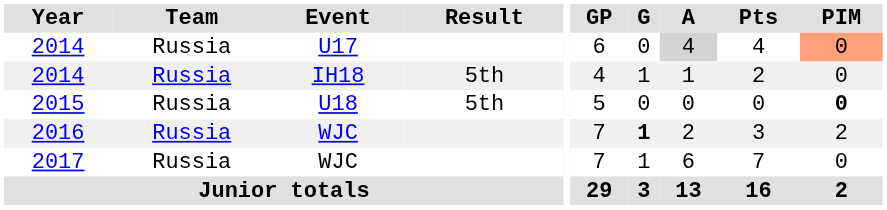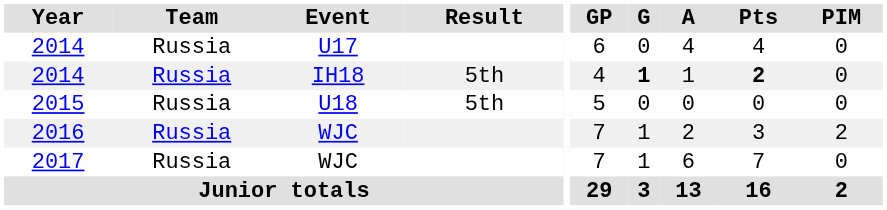 <table border="0" cellpadding="1" cellspacing="0" ID="Table3" style="text-align:center; width:40em">
 <tr bgcolor="#e0e0e0">
 <th>Year</th>
 <th>Team</th>
 <th>Event</th>
 <th>Result</th>
 <th rowspan="99" bgcolor="#ffffff"></th>
 <th>GP</th>
 <th>G</th>
 <th>A</th>
 <th>Pts</th>
 <th>PIM</th>
 </tr>
 <tr>
 <td><a href='#'>2014</a></td>
 <td>Russia</td>
 <td><a href='#'>U17</a></td>
 <td></td>
 <td>6</td>
 <td>0</td>
-<td style="background: lightgrey;">4</td>
 <td>4</td>
-<td style="background: lightsalmon;">0</td>
+<td>4</td>
+<td>0</td>
 </tr>
 <tr bgcolor="#f0f0f0">
 <td><a href='#'>2014</a></td>
 <td><a href='#'>Russia</a></td>
 <td><a href='#'>IH18</a></td>
 <td>5th</td>
 <td>4</td>
+<td><strong>1</strong></td>
 <td>1</td>
-<td>1</td>
-<td>2</td>
+<td><strong>2</strong></td>
 <td>0</td>
 </tr>
 <tr>
 <td><a href='#'>2015</a></td>
 <td>Russia</td>
 <td><a href='#'>U18</a></td>
 <td>5th</td>
 <td>5</td>
 <td>0</td>
 <td>0</td>
 <td>0</td>
-<td><strong>0</strong></td>
+<td>0</td>
 </tr>
 <tr bgcolor="#f0f0f0">
 <td><a href='#'>2016</a></td>
 <td><a href='#'>Russia</a></td>
 <td><a href='#'>WJC</a></td>
 <td></td>
 <td>7</td>
-<td><strong>1</strong></td>
+<td>1</td>
 <td>2</td>
 <td>3</td>
 <td>2</td>
 </tr>
 <tr>
 <td><a href='#'>2017</a></td>
 <td>Russia</td>
 <td>WJC</td>
 <td></td>
 <td>7</td>
 <td>1</td>
 <td>6</td>
 <td>7</td>
 <td>0</td>
 </tr>
 <tr bgcolor="#e0e0e0">
 <th colspan="4">Junior totals</th>
 <th>29</th>
 <th>3</th>
 <th>13</th>
 <th>16</th>
 <th>2</th>
 </tr>
 </table>
